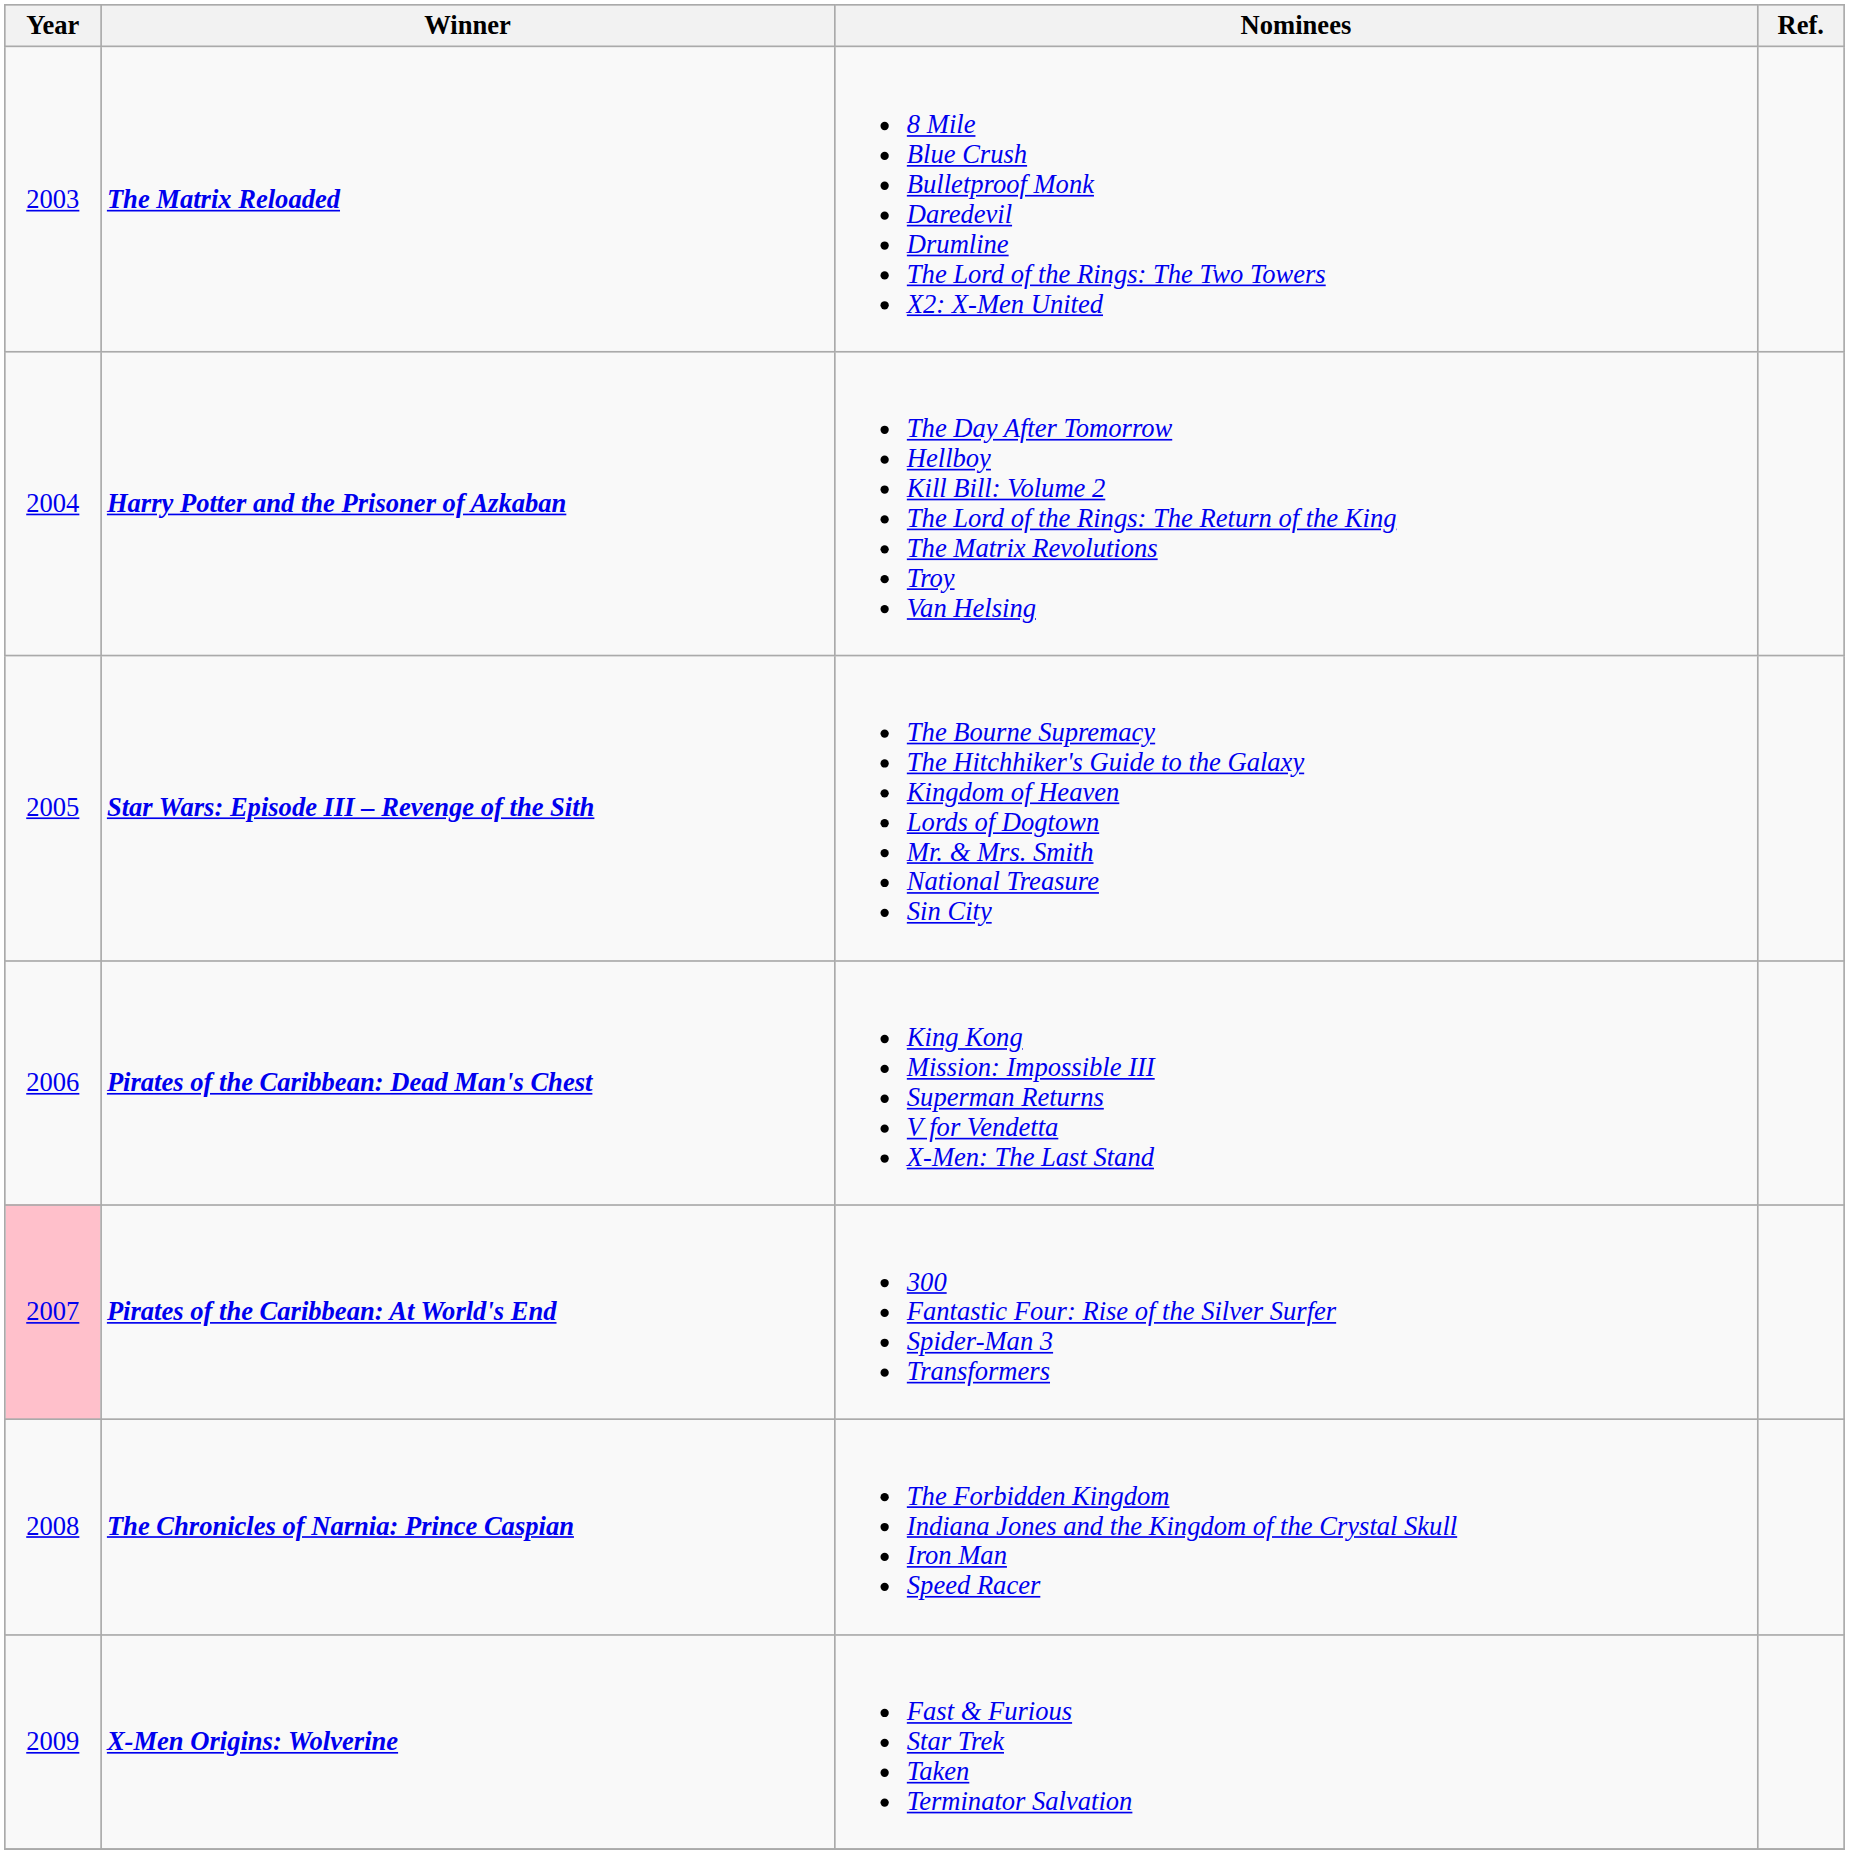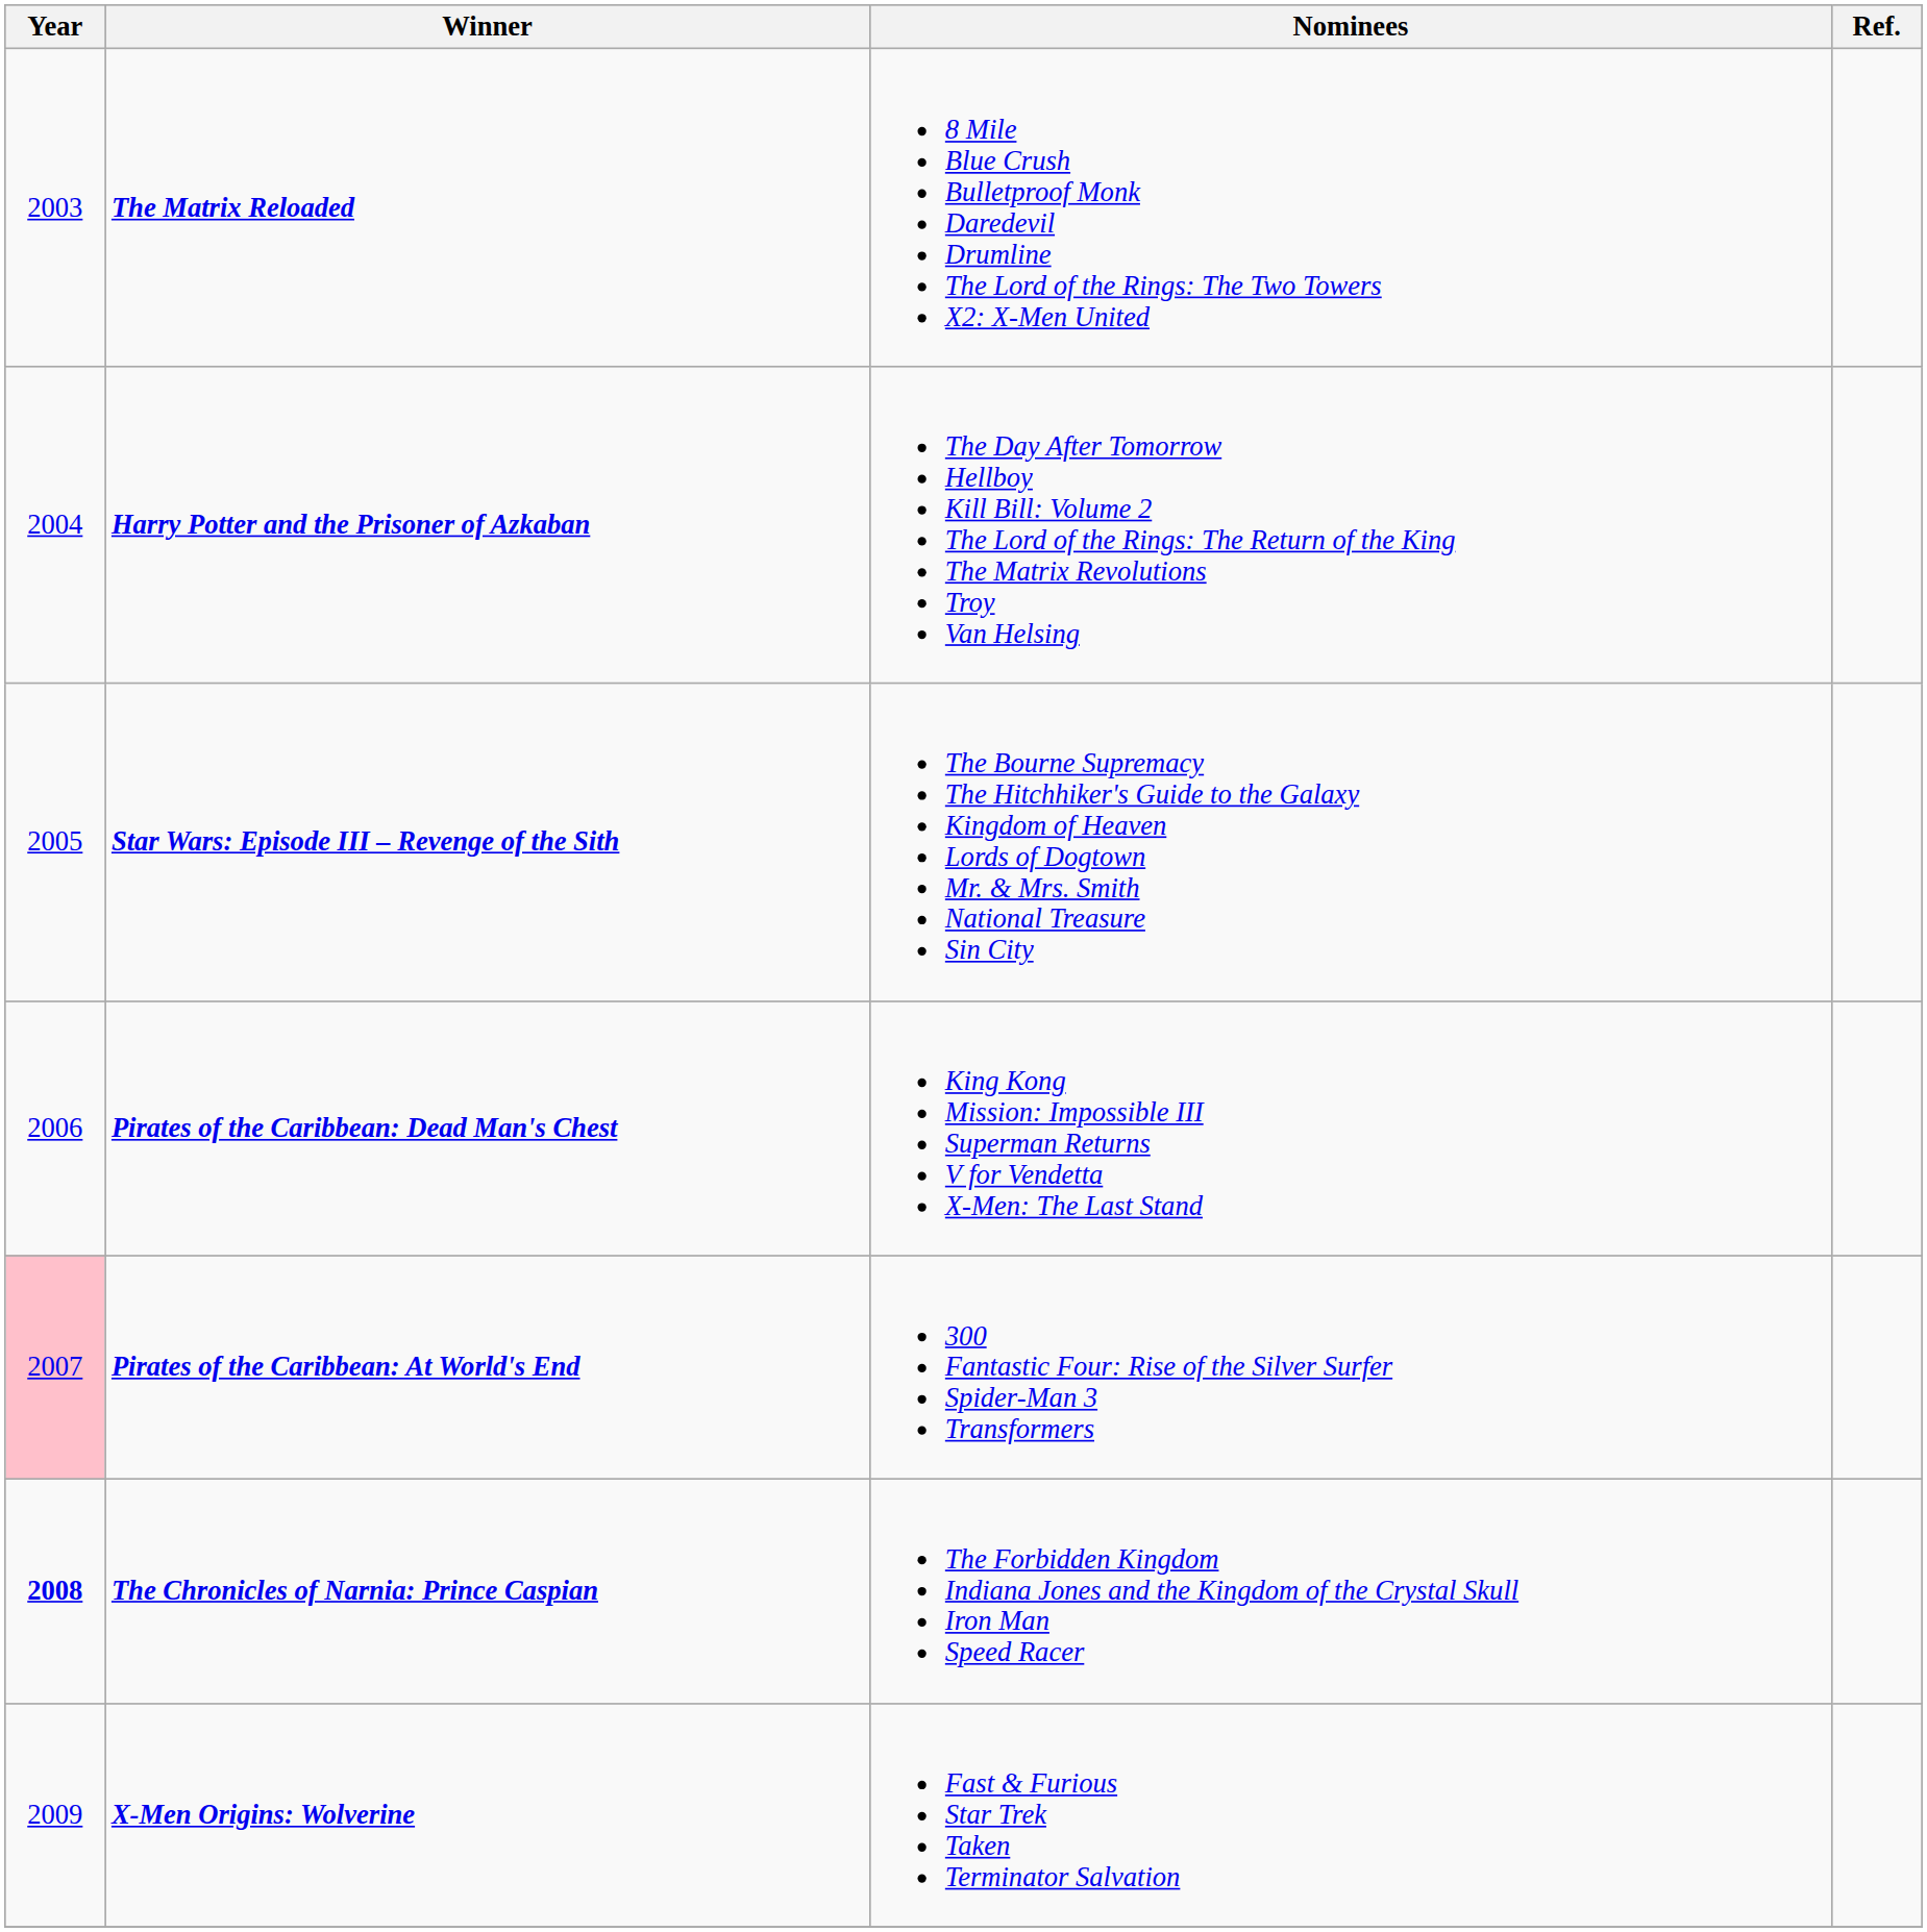 <table class="wikitable" width=70%>
 <tr>
 <th>Year</th>
 <th>Winner</th>
 <th>Nominees</th>
 <th>Ref.</th>
 </tr>
 <tr>
 <td align="center"><a href='#'>2003</a></td>
 <td><strong><em><a href='#'>The Matrix Reloaded</a></em></strong></td>
 <td><br><ul><li><em><a href='#'>8 Mile</a></em></li><li><em><a href='#'>Blue Crush</a></em></li><li><em><a href='#'>Bulletproof Monk</a></em></li><li><em><a href='#'>Daredevil</a></em></li><li><em><a href='#'>Drumline</a></em></li><li><em><a href='#'>The Lord of the Rings: The Two Towers</a></em></li><li><em><a href='#'>X2: X-Men United</a></em></li></ul></td>
 <td align="center"></td>
 </tr>
 <tr>
 <td align="center"><a href='#'>2004</a></td>
 <td><strong><em><a href='#'>Harry Potter and the Prisoner of Azkaban</a></em></strong></td>
 <td><br><ul><li><em><a href='#'>The Day After Tomorrow</a></em></li><li><em><a href='#'>Hellboy</a></em></li><li><em><a href='#'>Kill Bill: Volume 2</a></em></li><li><em><a href='#'>The Lord of the Rings: The Return of the King</a></em></li><li><em><a href='#'>The Matrix Revolutions</a></em></li><li><em><a href='#'>Troy</a></em></li><li><em><a href='#'>Van Helsing</a></em></li></ul></td>
 <td align="center"></td>
 </tr>
 <tr>
 <td align="center"><a href='#'>2005</a></td>
 <td><strong><em><a href='#'>Star Wars: Episode III – Revenge of the Sith</a></em></strong></td>
 <td><br><ul><li><em><a href='#'>The Bourne Supremacy</a></em></li><li><em><a href='#'>The Hitchhiker's Guide to the Galaxy</a></em></li><li><em><a href='#'>Kingdom of Heaven</a></em></li><li><em><a href='#'>Lords of Dogtown</a></em></li><li><em><a href='#'>Mr. & Mrs. Smith</a></em></li><li><em><a href='#'>National Treasure</a></em></li><li><em><a href='#'>Sin City</a></em></li></ul></td>
 <td align="center"></td>
 </tr>
 <tr>
 <td align="center"><a href='#'>2006</a></td>
 <td><strong><em><a href='#'>Pirates of the Caribbean: Dead Man's Chest</a></em></strong></td>
 <td><br><ul><li><em><a href='#'>King Kong</a></em></li><li><em><a href='#'>Mission: Impossible III</a></em></li><li><em><a href='#'>Superman Returns</a></em></li><li><em><a href='#'>V for Vendetta</a></em></li><li><em><a href='#'>X-Men: The Last Stand</a></em></li></ul></td>
 <td align="center"></td>
 </tr>
 <tr>
 <td align="center" style="background: pink;"><a href='#'>2007</a></td>
 <td><strong><em><a href='#'>Pirates of the Caribbean: At World's End</a></em></strong></td>
 <td><br><ul><li><em><a href='#'>300</a></em></li><li><em><a href='#'>Fantastic Four: Rise of the Silver Surfer</a></em></li><li><em><a href='#'>Spider-Man 3</a></em></li><li><em><a href='#'>Transformers</a></em></li></ul></td>
 <td align="center"></td>
 </tr>
 <tr>
-<td align="center"><a href='#'>2008</a></td>
+<td align="center"><strong><a href='#'>2008</a></strong></td>
 <td><strong><em><a href='#'>The Chronicles of Narnia: Prince Caspian</a></em></strong></td>
 <td><br><ul><li><em><a href='#'>The Forbidden Kingdom</a></em></li><li><em><a href='#'>Indiana Jones and the Kingdom of the Crystal Skull</a></em></li><li><em><a href='#'>Iron Man</a></em></li><li><em><a href='#'>Speed Racer</a></em></li></ul></td>
 <td align="center"></td>
 </tr>
 <tr>
 <td align="center"><a href='#'>2009</a></td>
 <td><strong><em><a href='#'>X-Men Origins: Wolverine</a></em></strong></td>
 <td><br><ul><li><em><a href='#'>Fast & Furious</a></em></li><li><em><a href='#'>Star Trek</a></em></li><li><em><a href='#'>Taken</a></em></li><li><em><a href='#'>Terminator Salvation</a></em></li></ul></td>
 <td align="center"></td>
 </tr>
 <tr>
 </tr>
 </table>
